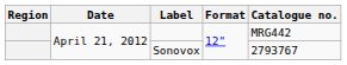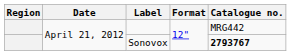 <table class="wikitable plainrowheaders">
 <tr>
 <th scope="col">Region</th>
 <th scope="col">Date</th>
 <th scope="col">Label</th>
 <th scope="col">Format</th>
 <th scope="col">Catalogue no.</th>
 </tr>
 <tr>
 <th scope="row"></th>
 <td rowspan="2">April 21, 2012</td>
 <td></td>
 <td rowspan="2"><a href='#'>12"</a></td>
 <td>MRG442</td>
 </tr>
 <tr>
 <th scope="row"></th>
 <td>Sonovox</td>
-<td>2793767</td>
+<td><strong>2793767</strong></td>
 </tr>
 </table>
